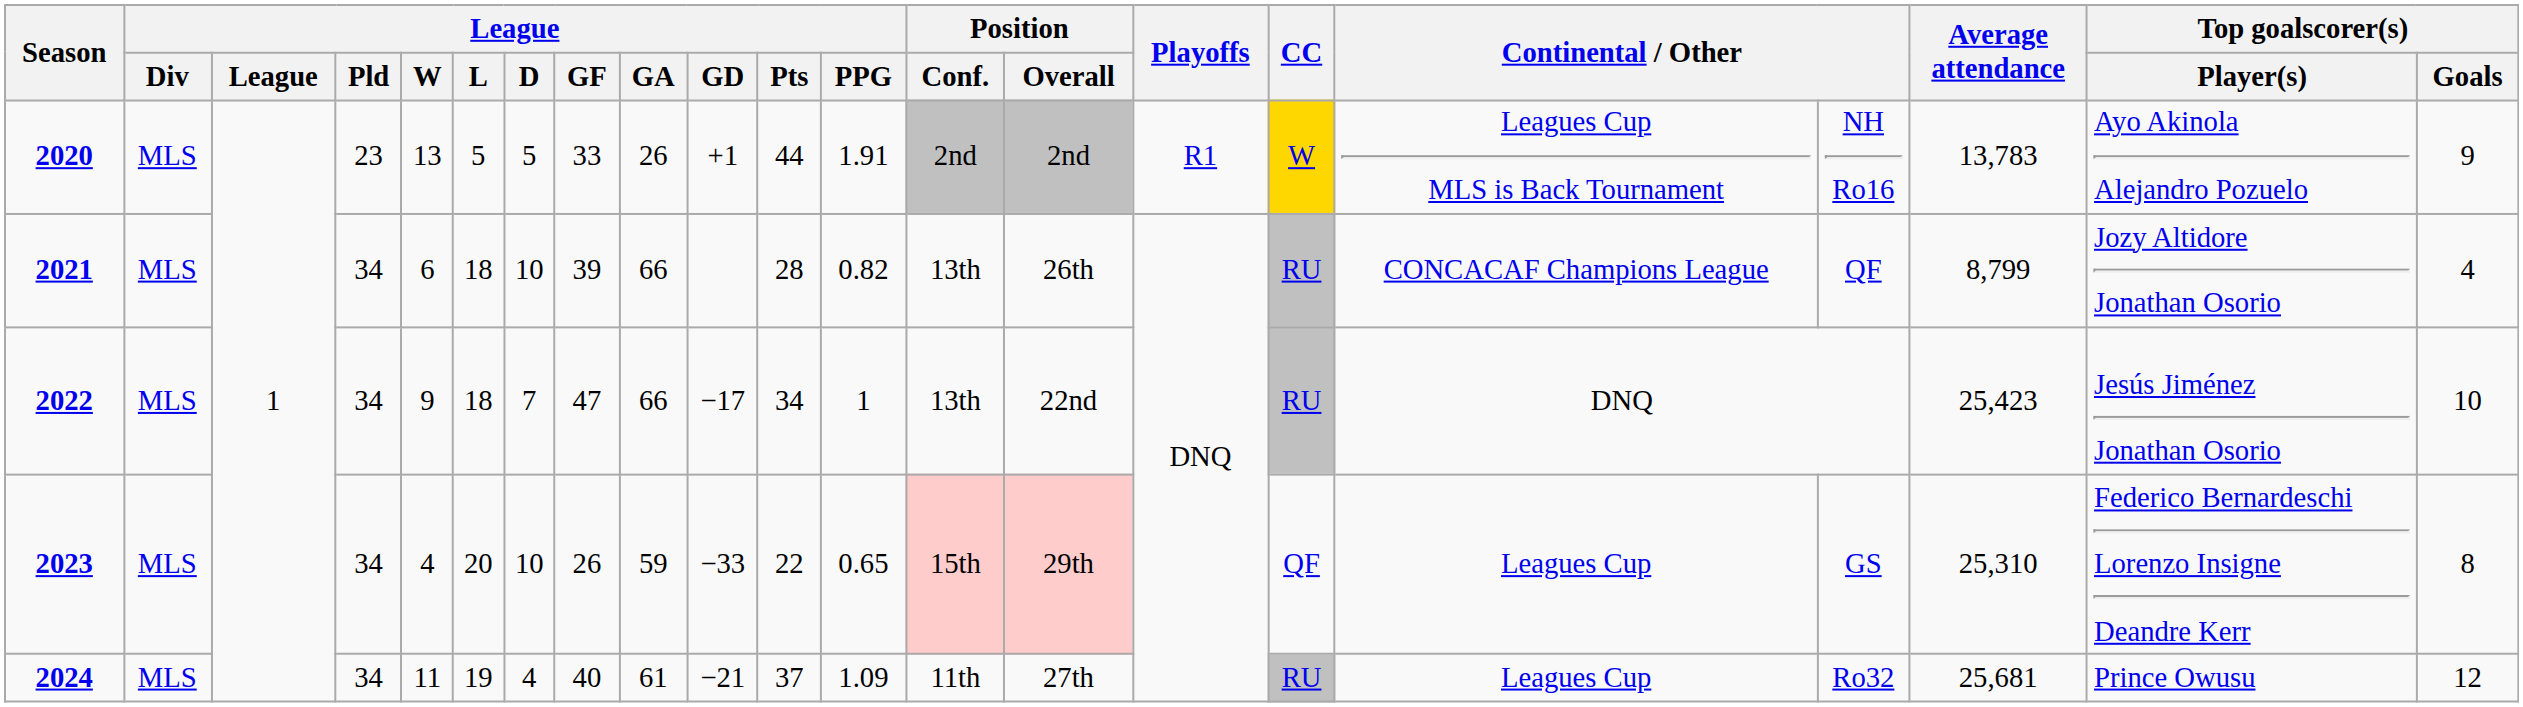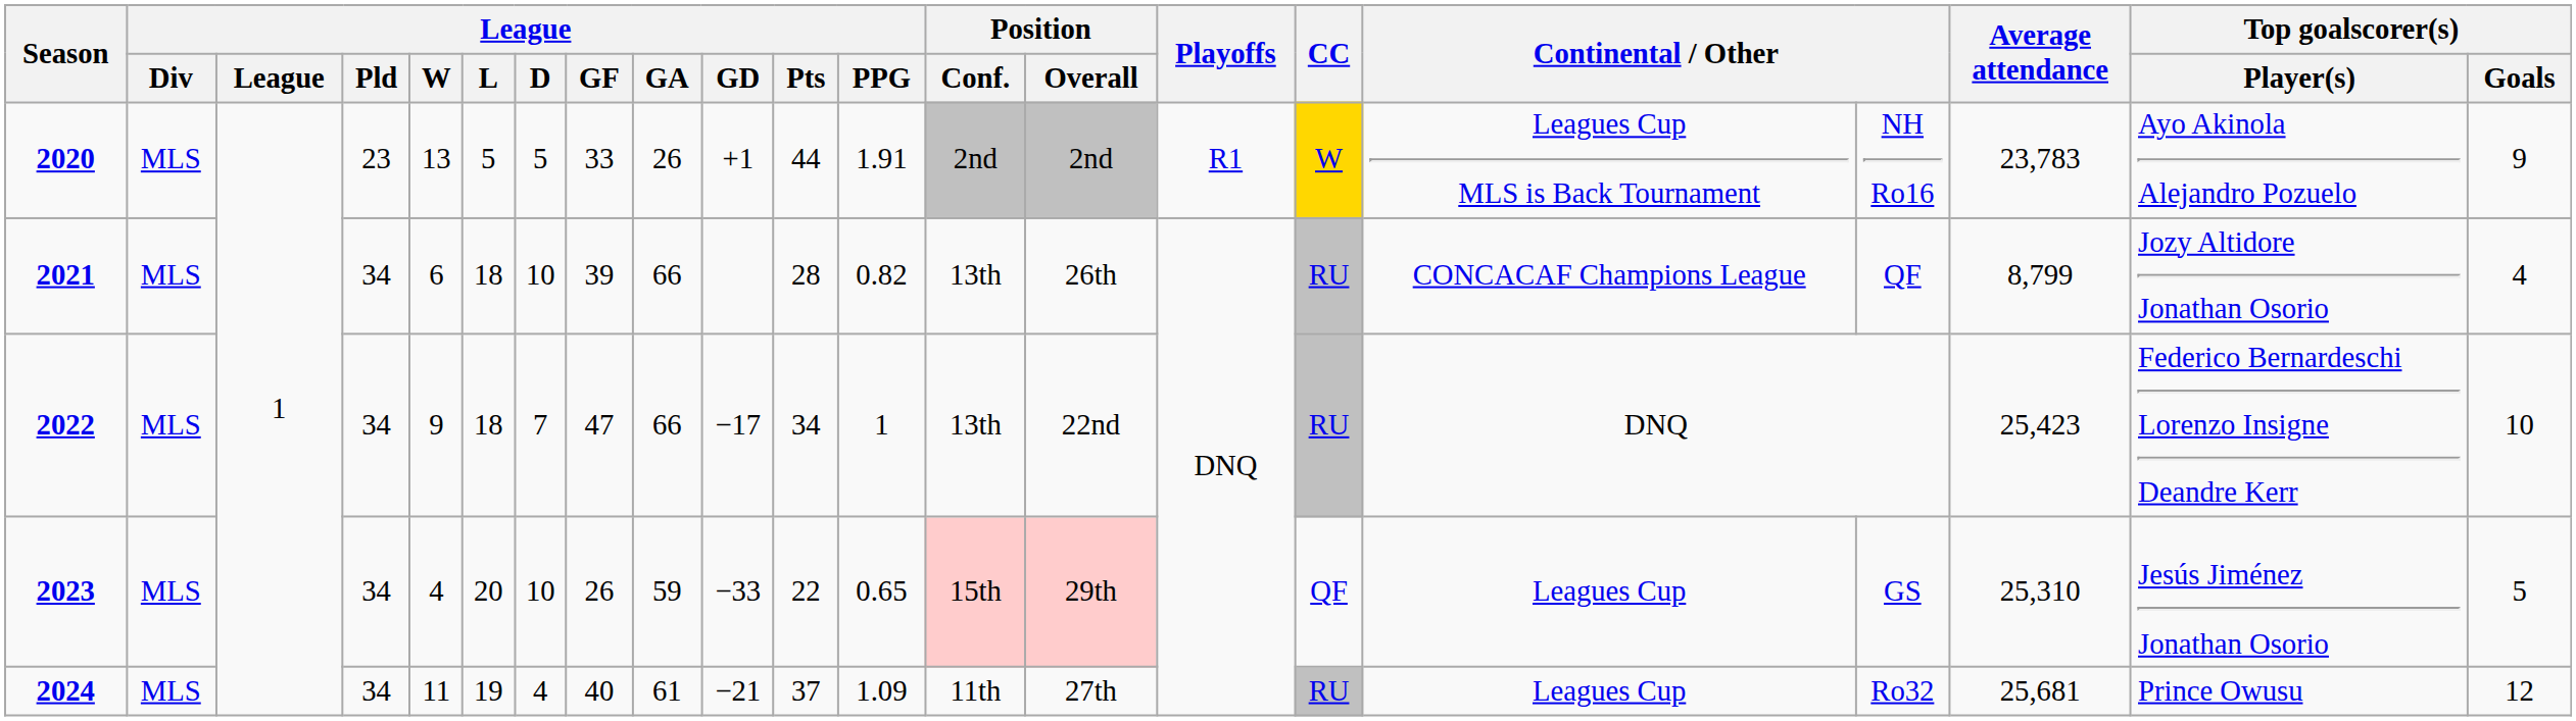 <table class="wikitable" width=100% style="font-size:90%; text-align:center;">
 <tr style="background:#f0f6ff;">
 <th rowspan=2>Season</th>
 <th colspan=11><a href='#'>League</a></th>
 <th colspan=2>Position</th>
 <th rowspan=2><a href='#'>Playoffs</a></th>
 <th rowspan=2><a href='#'>CC</a></th>
 <th rowspan=2 colspan=2><a href='#'>Continental</a> / Other</th>
 <th rowspan=2><a href='#'>Average <br> attendance</a></th>
 <th colspan=2>Top goalscorer(s)</th>
 </tr>
 <tr>
 <th>Div</th>
 <th>League</th>
 <th>Pld</th>
 <th>W</th>
 <th>L</th>
 <th>D</th>
 <th>GF</th>
 <th>GA</th>
 <th>GD</th>
 <th>Pts</th>
 <th>PPG</th>
 <th>Conf.</th>
 <th>Overall</th>
 <th>Player(s)</th>
 <th>Goals</th>
 </tr>
 <tr>
 <td><strong><a href='#'>2020</a></strong></td>
 <td><a href='#'>MLS</a></td>
 <td rowspan=5>1</td>
 <td>23</td>
 <td>13</td>
 <td>5</td>
 <td>5</td>
 <td>33</td>
 <td>26</td>
 <td>+1</td>
 <td>44</td>
 <td>1.91</td>
 <td bgcolor=silver>2nd</td>
 <td bgcolor=silver>2nd</td>
 <td><a href='#'>R1</a></td>
 <td bgcolor=gold><a href='#'>W</a></td>
 <td><a href='#'>Leagues Cup</a><hr><a href='#'>MLS is Back Tournament</a></td>
 <td><a href='#'>NH</a><hr><a href='#'>Ro16</a></td>
-<td>13,783</td>
+<td>23,783</td>
 <td align="left"> <a href='#'>Ayo Akinola</a><hr> <a href='#'>Alejandro Pozuelo</a></td>
 <td>9</td>
 </tr>
 <tr>
 <td><strong><a href='#'>2021</a></strong></td>
 <td><a href='#'>MLS</a></td>
 <td>34</td>
 <td>6</td>
 <td>18</td>
 <td>10</td>
 <td>39</td>
 <td>66</td>
 <td></td>
 <td>28</td>
 <td>0.82</td>
 <td>13th</td>
 <td>26th</td>
 <td rowspan=4>DNQ</td>
 <td bgcolor=silver><a href='#'>RU</a></td>
 <td><a href='#'>CONCACAF Champions League</a></td>
 <td><a href='#'>QF</a></td>
 <td>8,799</td>
 <td align="left"> <a href='#'>Jozy Altidore</a><hr> <a href='#'>Jonathan Osorio</a></td>
 <td>4</td>
 </tr>
 <tr>
 <td><strong><a href='#'>2022</a></strong></td>
 <td><a href='#'>MLS</a></td>
 <td>34</td>
 <td>9</td>
 <td>18</td>
 <td>7</td>
 <td>47</td>
 <td>66</td>
 <td>−17</td>
 <td>34</td>
 <td>1</td>
 <td>13th</td>
 <td>22nd</td>
 <td bgcolor=silver><a href='#'>RU</a></td>
 <td colspan=2>DNQ</td>
 <td>25,423</td>
-<td align="left"><br><a href='#'>Jesús Jiménez</a><hr>  <a href='#'>Jonathan Osorio</a></td>
+<td align="left"> <a href='#'>Federico Bernardeschi</a><hr> <a href='#'>Lorenzo Insigne</a><hr> <a href='#'>Deandre Kerr</a></td>
 <td>10</td>
 </tr>
 <tr>
 <td><strong><a href='#'>2023</a></strong></td>
 <td><a href='#'>MLS</a></td>
 <td>34</td>
 <td>4</td>
 <td>20</td>
 <td>10</td>
 <td>26</td>
 <td>59</td>
 <td>−33</td>
 <td>22</td>
 <td>0.65</td>
 <td style=background:#FFCCCC>15th</td>
 <td style=background:#FFCCCC>29th</td>
 <td><a href='#'>QF</a></td>
 <td><a href='#'>Leagues Cup</a></td>
 <td><a href='#'>GS</a></td>
 <td>25,310</td>
-<td align="left"> <a href='#'>Federico Bernardeschi</a><hr> <a href='#'>Lorenzo Insigne</a><hr> <a href='#'>Deandre Kerr</a></td>
-<td>8</td>
+<td align="left"><br><a href='#'>Jesús Jiménez</a><hr>  <a href='#'>Jonathan Osorio</a></td>
+<td>5</td>
 </tr>
 <tr>
 <td><strong><a href='#'>2024</a></strong></td>
 <td><a href='#'>MLS</a></td>
 <td>34</td>
 <td>11</td>
 <td>19</td>
 <td>4</td>
 <td>40</td>
 <td>61</td>
 <td>−21</td>
 <td>37</td>
 <td>1.09</td>
 <td>11th</td>
 <td>27th</td>
 <td bgcolor=silver><a href='#'>RU</a></td>
 <td><a href='#'>Leagues Cup</a></td>
 <td><a href='#'>Ro32</a></td>
 <td>25,681</td>
 <td align="left"> <a href='#'>Prince Owusu</a></td>
 <td>12</td>
 </tr>
 </table>
